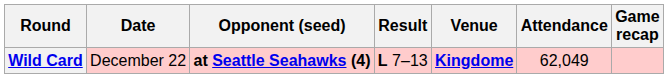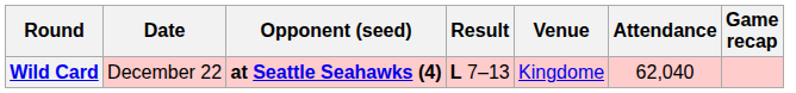 <table class="wikitable" style="text-align:center">
 <tr>
 <th>Round</th>
 <th>Date</th>
 <th>Opponent (seed)</th>
 <th>Result</th>
 <th>Venue</th>
 <th>Attendance</th>
 <th>Game<br>recap</th>
 </tr>
 <tr style="background:#fcc">
 <th><a href='#'>Wild Card</a></th>
 <td>December 22</td>
 <td><strong>at <a href='#'>Seattle Seahawks</a> (4)</strong></td>
 <td><strong>L</strong> 7–13</td>
-<td><strong><a href='#'>Kingdome</a></strong></td>
-<td>62,049</td>
+<td><a href='#'>Kingdome</a></td>
+<td>62,040</td>
 <td></td>
 </tr>
 </table>
